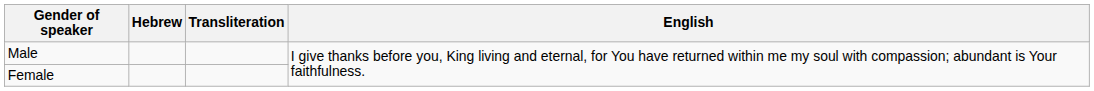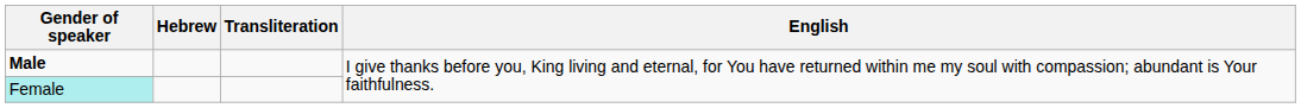 <table class="wikitable">
 <tr>
 <th>Gender of speaker</th>
 <th>Hebrew</th>
 <th>Transliteration</th>
 <th>English</th>
 </tr>
 <tr>
-<td>Male</td>
+<td><strong>Male</strong></td>
 <td></td>
 <td></td>
 <td rowspan="2">I give thanks before you, King living and eternal, for You have returned within me my soul with compassion; abundant is Your faithfulness.</td>
 </tr>
 <tr>
-<td>Female</td>
+<td style="background: paleturquoise;">Female</td>
 <td></td>
 <td></td>
 </tr>
 </table>
